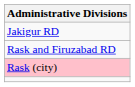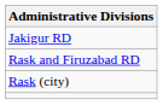 <table class="wikitable">
 <tr>
 <th>Administrative Divisions</th>
 </tr>
 <tr>
 <td><a href='#'>Jakigur RD</a></td>
 </tr>
 <tr>
 <td><a href='#'>Rask and Firuzabad RD</a></td>
 </tr>
 <tr>
-<td style="background: pink;"><a href='#'>Rask</a> (city)</td>
+<td><a href='#'>Rask</a> (city)</td>
 </tr>
 <tr>
 <td colspan=1></td>
 </tr>
 </table>
